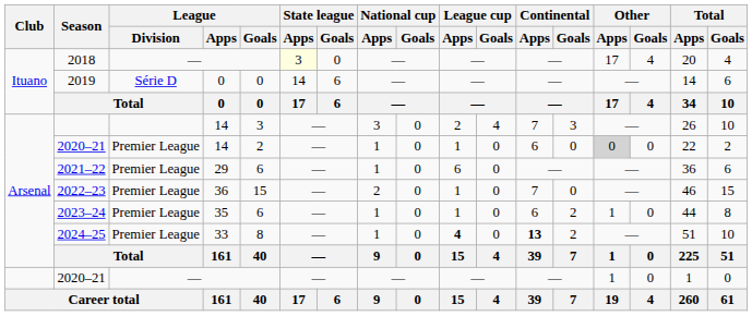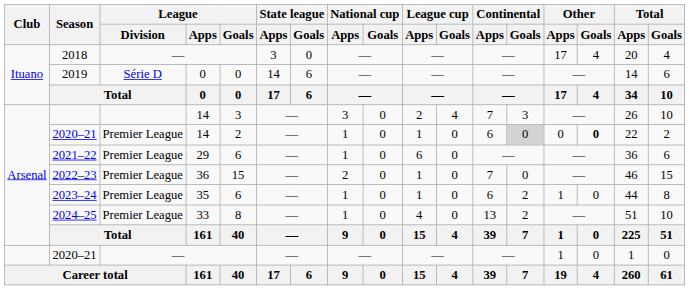 <table class="wikitable" style="text-align: center;">
 <tr>
 <th rowspan="2">Club</th>
 <th rowspan="2">Season</th>
 <th colspan="3">League</th>
 <th colspan="2">State league</th>
 <th colspan="2">National cup</th>
 <th colspan="2">League cup</th>
 <th colspan="2">Continental</th>
 <th colspan="2">Other</th>
 <th colspan="2">Total</th>
 </tr>
 <tr>
 <th>Division</th>
 <th>Apps</th>
 <th>Goals</th>
 <th>Apps</th>
 <th>Goals</th>
 <th>Apps</th>
 <th>Goals</th>
 <th>Apps</th>
 <th>Goals</th>
 <th>Apps</th>
 <th>Goals</th>
 <th>Apps</th>
 <th>Goals</th>
 <th>Apps</th>
 <th>Goals</th>
 </tr>
 <tr>
 <td rowspan="3"><a href='#'>Ituano</a></td>
 <td>2018</td>
 <td colspan="3">—</td>
-<td style="background: lightyellow;">3</td>
+<td>3</td>
 <td>0</td>
 <td colspan="2">—</td>
 <td colspan="2">—</td>
 <td colspan="2">—</td>
 <td>17</td>
 <td>4</td>
 <td>20</td>
 <td>4</td>
 </tr>
 <tr>
 <td>2019</td>
 <td><a href='#'>Série D</a></td>
 <td>0</td>
 <td>0</td>
 <td>14</td>
 <td>6</td>
 <td colspan="2">—</td>
 <td colspan="2">—</td>
 <td colspan="2">—</td>
 <td colspan="2">—</td>
 <td>14</td>
 <td>6</td>
 </tr>
 <tr>
 <th colspan="2">Total</th>
 <th>0</th>
 <th>0</th>
 <th>17</th>
 <th>6</th>
 <th colspan="2">—</th>
 <th colspan="2">—</th>
 <th colspan="2">—</th>
 <th>17</th>
 <th>4</th>
 <th>34</th>
 <th>10</th>
 </tr>
 <tr>
 <td rowspan="7"><a href='#'>Arsenal</a></td>
 <td></td>
 <td></td>
 <td>14</td>
 <td>3</td>
 <td colspan="2">—</td>
 <td>3</td>
 <td>0</td>
 <td>2</td>
 <td>4</td>
 <td>7</td>
 <td>3</td>
 <td colspan="2">—</td>
 <td>26</td>
 <td>10</td>
 </tr>
 <tr>
 <td><a href='#'>2020–21</a></td>
 <td>Premier League</td>
 <td>14</td>
 <td>2</td>
 <td colspan="2">—</td>
 <td>1</td>
 <td>0</td>
 <td>1</td>
 <td>0</td>
 <td>6</td>
-<td>0</td>
 <td style="background: lightgrey;">0</td>
 <td>0</td>
+<td><strong>0</strong></td>
 <td>22</td>
 <td>2</td>
 </tr>
 <tr>
 <td><a href='#'>2021–22</a></td>
 <td>Premier League</td>
 <td>29</td>
 <td>6</td>
 <td colspan="2">—</td>
 <td>1</td>
 <td>0</td>
 <td>6</td>
 <td>0</td>
 <td colspan="2">—</td>
 <td colspan="2">—</td>
 <td>36</td>
 <td>6</td>
 </tr>
 <tr>
 <td><a href='#'>2022–23</a></td>
 <td>Premier League</td>
 <td>36</td>
 <td>15</td>
 <td colspan="2">—</td>
 <td>2</td>
 <td>0</td>
 <td>1</td>
 <td>0</td>
 <td>7</td>
 <td>0</td>
 <td colspan="2">—</td>
 <td>46</td>
 <td>15</td>
 </tr>
 <tr>
 <td><a href='#'>2023–24</a></td>
 <td>Premier League</td>
 <td>35</td>
 <td>6</td>
 <td colspan="2">—</td>
 <td>1</td>
 <td>0</td>
 <td>1</td>
 <td>0</td>
 <td>6</td>
 <td>2</td>
 <td>1</td>
 <td>0</td>
 <td>44</td>
 <td>8</td>
 </tr>
 <tr>
 <td><a href='#'>2024–25</a></td>
 <td>Premier League</td>
 <td>33</td>
 <td>8</td>
 <td colspan="2">—</td>
 <td>1</td>
 <td>0</td>
-<td><strong>4</strong></td>
+<td>4</td>
 <td>0</td>
-<td><strong>13</strong></td>
+<td>13</td>
 <td>2</td>
 <td colspan="2">—</td>
 <td>51</td>
 <td>10</td>
 </tr>
 <tr>
 <th colspan="2">Total</th>
 <th>161</th>
 <th>40</th>
 <th colspan="2">—</th>
 <th>9</th>
 <th>0</th>
 <th>15</th>
 <th>4</th>
 <th>39</th>
 <th>7</th>
 <th>1</th>
 <th>0</th>
 <th>225</th>
 <th>51</th>
 </tr>
 <tr>
 <td></td>
 <td>2020–21</td>
 <td colspan="3">—</td>
 <td colspan="2">—</td>
 <td colspan="2">—</td>
 <td colspan="2">—</td>
 <td colspan="2">—</td>
 <td>1</td>
 <td>0</td>
 <td>1</td>
 <td>0</td>
 </tr>
 <tr>
 <th colspan="3">Career total</th>
 <th>161</th>
 <th>40</th>
 <th>17</th>
 <th>6</th>
 <th>9</th>
 <th>0</th>
 <th>15</th>
 <th>4</th>
 <th>39</th>
 <th>7</th>
 <th>19</th>
 <th>4</th>
 <th>260</th>
 <th>61</th>
 </tr>
 </table>
